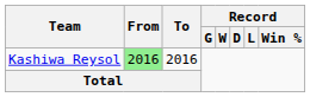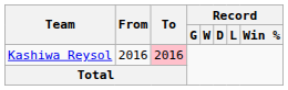 <table class="wikitable" style="text-align: center">
 <tr>
 <th rowspan="2">Team</th>
 <th rowspan="2">From</th>
 <th rowspan="2">To</th>
 <th colspan="5">Record</th>
 </tr>
 <tr>
 <th>G</th>
 <th>W</th>
 <th>D</th>
 <th>L</th>
 <th>Win %</th>
 </tr>
 <tr>
 <td align="left"><a href='#'>Kashiwa Reysol</a></td>
-<td align="left" style="background: lightgreen;">2016</td>
-<td align="left">2016<br></td>
+<td align="left">2016</td>
+<td align="left" style="background: pink;">2016<br></td>
 </tr>
 <tr>
 <th colspan="3">Total<br></th>
 </tr>
 </table>
